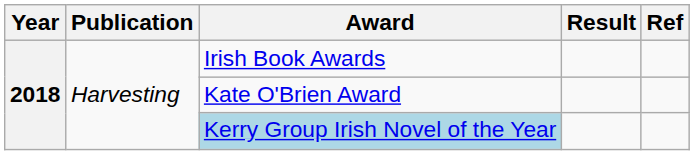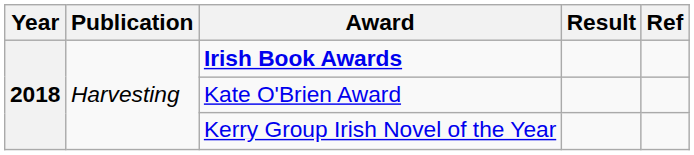 <table class="wikitable sortable">
 <tr>
 <th>Year</th>
 <th>Publication</th>
 <th>Award</th>
 <th>Result</th>
 <th>Ref</th>
 </tr>
 <tr>
 <th rowspan="3">2018</th>
 <td rowspan="3"><em>Harvesting</em></td>
-<td><a href='#'>Irish Book Awards</a></td>
+<td><strong><a href='#'>Irish Book Awards</a></strong></td>
 <td></td>
 <td></td>
 </tr>
 <tr>
 <td><a href='#'>Kate O'Brien Award</a></td>
 <td></td>
 <td></td>
 </tr>
 <tr>
-<td style="background: lightblue;"><a href='#'>Kerry Group Irish Novel of the Year</a></td>
+<td><a href='#'>Kerry Group Irish Novel of the Year</a></td>
 <td></td>
 <td></td>
 </tr>
 </table>
